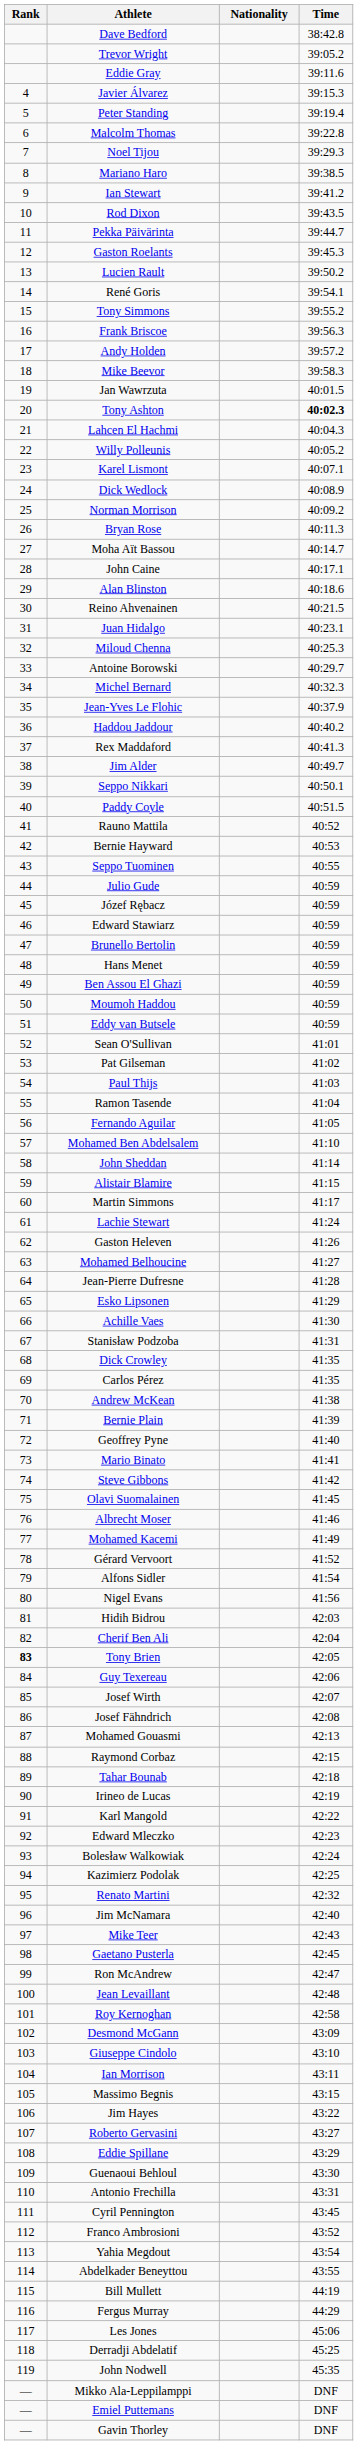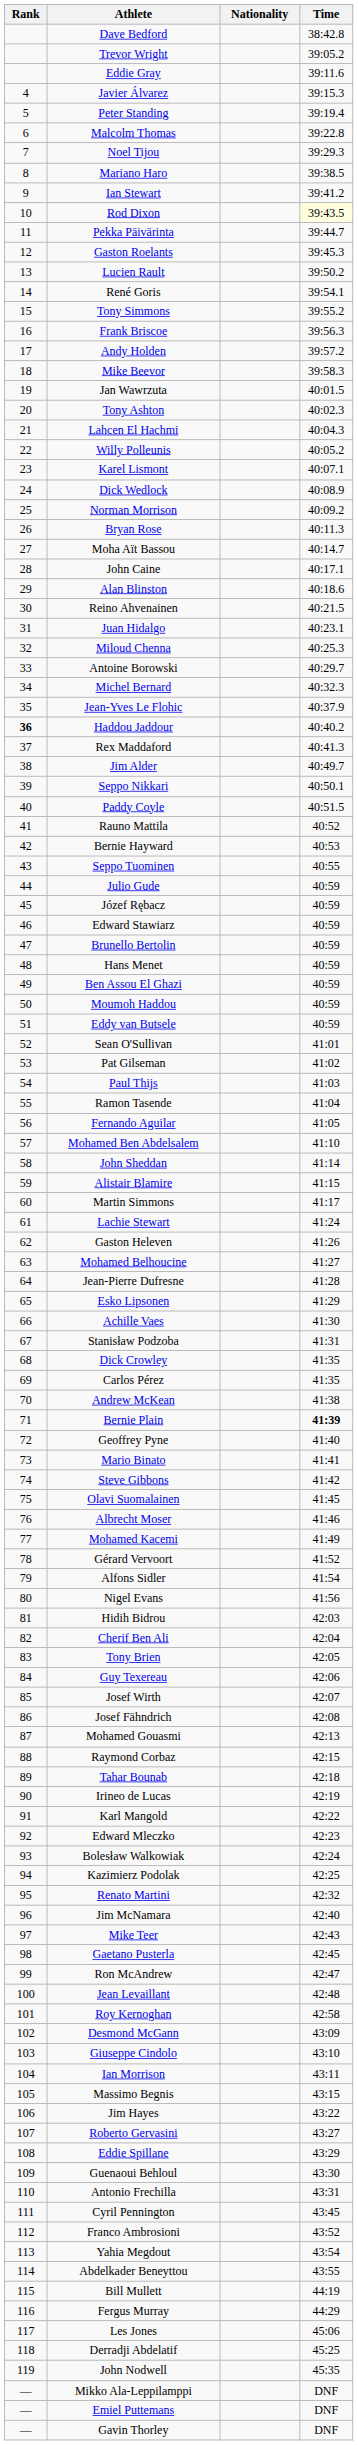 <table class="wikitable sortable" style=" text-align:center; font-size:95%;" width="50%">
 <tr>
 <th>Rank</th>
 <th>Athlete</th>
 <th>Nationality</th>
 <th>Time</th>
 </tr>
 <tr>
 <td align=center></td>
 <td><a href='#'>Dave Bedford</a></td>
 <td></td>
 <td>38:42.8</td>
 </tr>
 <tr>
 <td align=center></td>
 <td><a href='#'>Trevor Wright</a></td>
 <td></td>
 <td>39:05.2</td>
 </tr>
 <tr>
 <td align=center></td>
 <td><a href='#'>Eddie Gray</a></td>
 <td></td>
 <td>39:11.6</td>
 </tr>
 <tr>
 <td align=center>4</td>
 <td><a href='#'>Javier Álvarez</a></td>
 <td></td>
 <td>39:15.3</td>
 </tr>
 <tr>
 <td align=center>5</td>
 <td><a href='#'>Peter Standing</a></td>
 <td></td>
 <td>39:19.4</td>
 </tr>
 <tr>
 <td align=center>6</td>
 <td><a href='#'>Malcolm Thomas</a></td>
 <td></td>
 <td>39:22.8</td>
 </tr>
 <tr>
 <td align=center>7</td>
 <td><a href='#'>Noel Tijou</a></td>
 <td></td>
 <td>39:29.3</td>
 </tr>
 <tr>
 <td align=center>8</td>
 <td><a href='#'>Mariano Haro</a></td>
 <td></td>
 <td>39:38.5</td>
 </tr>
 <tr>
 <td align=center>9</td>
 <td><a href='#'>Ian Stewart</a></td>
 <td></td>
 <td>39:41.2</td>
 </tr>
 <tr>
 <td align=center>10</td>
 <td><a href='#'>Rod Dixon</a></td>
 <td></td>
-<td>39:43.5</td>
+<td style="background: lightyellow;">39:43.5</td>
 </tr>
 <tr>
 <td align=center>11</td>
 <td><a href='#'>Pekka Päivärinta</a></td>
 <td></td>
 <td>39:44.7</td>
 </tr>
 <tr>
 <td align=center>12</td>
 <td><a href='#'>Gaston Roelants</a></td>
 <td></td>
 <td>39:45.3</td>
 </tr>
 <tr>
 <td align=center>13</td>
 <td><a href='#'>Lucien Rault</a></td>
 <td></td>
 <td>39:50.2</td>
 </tr>
 <tr>
 <td align=center>14</td>
 <td>René Goris</td>
 <td></td>
 <td>39:54.1</td>
 </tr>
 <tr>
 <td align=center>15</td>
 <td><a href='#'>Tony Simmons</a></td>
 <td></td>
 <td>39:55.2</td>
 </tr>
 <tr>
 <td align=center>16</td>
 <td><a href='#'>Frank Briscoe</a></td>
 <td></td>
 <td>39:56.3</td>
 </tr>
 <tr>
 <td align=center>17</td>
 <td><a href='#'>Andy Holden</a></td>
 <td></td>
 <td>39:57.2</td>
 </tr>
 <tr>
 <td align=center>18</td>
 <td><a href='#'>Mike Beevor</a></td>
 <td></td>
 <td>39:58.3</td>
 </tr>
 <tr>
 <td align=center>19</td>
 <td>Jan Wawrzuta</td>
 <td></td>
 <td>40:01.5</td>
 </tr>
 <tr>
 <td align=center>20</td>
 <td><a href='#'>Tony Ashton</a></td>
 <td></td>
-<td><strong>40:02.3</strong></td>
+<td>40:02.3</td>
 </tr>
 <tr>
 <td align=center>21</td>
 <td><a href='#'>Lahcen El Hachmi</a></td>
 <td></td>
 <td>40:04.3</td>
 </tr>
 <tr>
 <td align=center>22</td>
 <td><a href='#'>Willy Polleunis</a></td>
 <td></td>
 <td>40:05.2</td>
 </tr>
 <tr>
 <td align=center>23</td>
 <td><a href='#'>Karel Lismont</a></td>
 <td></td>
 <td>40:07.1</td>
 </tr>
 <tr>
 <td align=center>24</td>
 <td><a href='#'>Dick Wedlock</a></td>
 <td></td>
 <td>40:08.9</td>
 </tr>
 <tr>
 <td align=center>25</td>
 <td><a href='#'>Norman Morrison</a></td>
 <td></td>
 <td>40:09.2</td>
 </tr>
 <tr>
 <td align=center>26</td>
 <td><a href='#'>Bryan Rose</a></td>
 <td></td>
 <td>40:11.3</td>
 </tr>
 <tr>
 <td align=center>27</td>
 <td>Moha Aït Bassou</td>
 <td></td>
 <td>40:14.7</td>
 </tr>
 <tr>
 <td align=center>28</td>
 <td>John Caine</td>
 <td></td>
 <td>40:17.1</td>
 </tr>
 <tr>
 <td align=center>29</td>
 <td><a href='#'>Alan Blinston</a></td>
 <td></td>
 <td>40:18.6</td>
 </tr>
 <tr>
 <td align=center>30</td>
 <td>Reino Ahvenainen</td>
 <td></td>
 <td>40:21.5</td>
 </tr>
 <tr>
 <td align=center>31</td>
 <td><a href='#'>Juan Hidalgo</a></td>
 <td></td>
 <td>40:23.1</td>
 </tr>
 <tr>
 <td align=center>32</td>
 <td><a href='#'>Miloud Chenna</a></td>
 <td></td>
 <td>40:25.3</td>
 </tr>
 <tr>
 <td align=center>33</td>
 <td>Antoine Borowski</td>
 <td></td>
 <td>40:29.7</td>
 </tr>
 <tr>
 <td align=center>34</td>
 <td><a href='#'>Michel Bernard</a></td>
 <td></td>
 <td>40:32.3</td>
 </tr>
 <tr>
 <td align=center>35</td>
 <td><a href='#'>Jean-Yves Le Flohic</a></td>
 <td></td>
 <td>40:37.9</td>
 </tr>
 <tr>
-<td align=center>36</td>
+<td align=center><strong>36</strong></td>
 <td><a href='#'>Haddou Jaddour</a></td>
 <td></td>
 <td>40:40.2</td>
 </tr>
 <tr>
 <td align=center>37</td>
 <td>Rex Maddaford</td>
 <td></td>
 <td>40:41.3</td>
 </tr>
 <tr>
 <td align=center>38</td>
 <td><a href='#'>Jim Alder</a></td>
 <td></td>
 <td>40:49.7</td>
 </tr>
 <tr>
 <td align=center>39</td>
 <td><a href='#'>Seppo Nikkari</a></td>
 <td></td>
 <td>40:50.1</td>
 </tr>
 <tr>
 <td align=center>40</td>
 <td><a href='#'>Paddy Coyle</a></td>
 <td></td>
 <td>40:51.5</td>
 </tr>
 <tr>
 <td align=center>41</td>
 <td>Rauno Mattila</td>
 <td></td>
 <td>40:52</td>
 </tr>
 <tr>
 <td align=center>42</td>
 <td>Bernie Hayward</td>
 <td></td>
 <td>40:53</td>
 </tr>
 <tr>
 <td align=center>43</td>
 <td><a href='#'>Seppo Tuominen</a></td>
 <td></td>
 <td>40:55</td>
 </tr>
 <tr>
 <td align=center>44</td>
 <td><a href='#'>Julio Gude</a></td>
 <td></td>
 <td>40:59</td>
 </tr>
 <tr>
 <td align=center>45</td>
 <td>Józef Rębacz</td>
 <td></td>
 <td>40:59</td>
 </tr>
 <tr>
 <td align=center>46</td>
 <td>Edward Stawiarz</td>
 <td></td>
 <td>40:59</td>
 </tr>
 <tr>
 <td align=center>47</td>
 <td><a href='#'>Brunello Bertolin</a></td>
 <td></td>
 <td>40:59</td>
 </tr>
 <tr>
 <td align=center>48</td>
 <td>Hans Menet</td>
 <td></td>
 <td>40:59</td>
 </tr>
 <tr>
 <td align=center>49</td>
 <td><a href='#'>Ben Assou El Ghazi</a></td>
 <td></td>
 <td>40:59</td>
 </tr>
 <tr>
 <td align=center>50</td>
 <td><a href='#'>Moumoh Haddou</a></td>
 <td></td>
 <td>40:59</td>
 </tr>
 <tr>
 <td align=center>51</td>
 <td><a href='#'>Eddy van Butsele</a></td>
 <td></td>
 <td>40:59</td>
 </tr>
 <tr>
 <td align=center>52</td>
 <td>Sean O'Sullivan</td>
 <td></td>
 <td>41:01</td>
 </tr>
 <tr>
 <td align=center>53</td>
 <td>Pat Gilseman</td>
 <td></td>
 <td>41:02</td>
 </tr>
 <tr>
 <td align=center>54</td>
 <td><a href='#'>Paul Thijs</a></td>
 <td></td>
 <td>41:03</td>
 </tr>
 <tr>
 <td align=center>55</td>
 <td>Ramon Tasende</td>
 <td></td>
 <td>41:04</td>
 </tr>
 <tr>
 <td align=center>56</td>
 <td><a href='#'>Fernando Aguilar</a></td>
 <td></td>
 <td>41:05</td>
 </tr>
 <tr>
 <td align=center>57</td>
 <td><a href='#'>Mohamed Ben Abdelsalem</a></td>
 <td></td>
 <td>41:10</td>
 </tr>
 <tr>
 <td align=center>58</td>
 <td><a href='#'>John Sheddan</a></td>
 <td></td>
 <td>41:14</td>
 </tr>
 <tr>
 <td align=center>59</td>
 <td><a href='#'>Alistair Blamire</a></td>
 <td></td>
 <td>41:15</td>
 </tr>
 <tr>
 <td align=center>60</td>
 <td>Martin Simmons</td>
 <td></td>
 <td>41:17</td>
 </tr>
 <tr>
 <td align=center>61</td>
 <td><a href='#'>Lachie Stewart</a></td>
 <td></td>
 <td>41:24</td>
 </tr>
 <tr>
 <td align=center>62</td>
 <td>Gaston Heleven</td>
 <td></td>
 <td>41:26</td>
 </tr>
 <tr>
 <td align=center>63</td>
 <td><a href='#'>Mohamed Belhoucine</a></td>
 <td></td>
 <td>41:27</td>
 </tr>
 <tr>
 <td align=center>64</td>
 <td>Jean-Pierre Dufresne</td>
 <td></td>
 <td>41:28</td>
 </tr>
 <tr>
 <td align=center>65</td>
 <td><a href='#'>Esko Lipsonen</a></td>
 <td></td>
 <td>41:29</td>
 </tr>
 <tr>
 <td align=center>66</td>
 <td><a href='#'>Achille Vaes</a></td>
 <td></td>
 <td>41:30</td>
 </tr>
 <tr>
 <td align=center>67</td>
 <td>Stanisław Podzoba</td>
 <td></td>
 <td>41:31</td>
 </tr>
 <tr>
 <td align=center>68</td>
 <td><a href='#'>Dick Crowley</a></td>
 <td></td>
 <td>41:35</td>
 </tr>
 <tr>
 <td align=center>69</td>
 <td>Carlos Pérez</td>
 <td></td>
 <td>41:35</td>
 </tr>
 <tr>
 <td align=center>70</td>
 <td><a href='#'>Andrew McKean</a></td>
 <td></td>
 <td>41:38</td>
 </tr>
 <tr>
 <td align=center>71</td>
 <td><a href='#'>Bernie Plain</a></td>
 <td></td>
-<td>41:39</td>
+<td><strong>41:39</strong></td>
 </tr>
 <tr>
 <td align=center>72</td>
 <td>Geoffrey Pyne</td>
 <td></td>
 <td>41:40</td>
 </tr>
 <tr>
 <td align=center>73</td>
 <td><a href='#'>Mario Binato</a></td>
 <td></td>
 <td>41:41</td>
 </tr>
 <tr>
 <td align=center>74</td>
 <td><a href='#'>Steve Gibbons</a></td>
 <td></td>
 <td>41:42</td>
 </tr>
 <tr>
 <td align=center>75</td>
 <td><a href='#'>Olavi Suomalainen</a></td>
 <td></td>
 <td>41:45</td>
 </tr>
 <tr>
 <td align=center>76</td>
 <td><a href='#'>Albrecht Moser</a></td>
 <td></td>
 <td>41:46</td>
 </tr>
 <tr>
 <td align=center>77</td>
 <td><a href='#'>Mohamed Kacemi</a></td>
 <td></td>
 <td>41:49</td>
 </tr>
 <tr>
 <td align=center>78</td>
 <td>Gérard Vervoort</td>
 <td></td>
 <td>41:52</td>
 </tr>
 <tr>
 <td align=center>79</td>
 <td>Alfons Sidler</td>
 <td></td>
 <td>41:54</td>
 </tr>
 <tr>
 <td align=center>80</td>
 <td>Nigel Evans</td>
 <td></td>
 <td>41:56</td>
 </tr>
 <tr>
 <td align=center>81</td>
 <td>Hidih Bidrou</td>
 <td></td>
 <td>42:03</td>
 </tr>
 <tr>
 <td align=center>82</td>
 <td><a href='#'>Cherif Ben Ali</a></td>
 <td></td>
 <td>42:04</td>
 </tr>
 <tr>
-<td align=center><strong>83</strong></td>
+<td align=center>83</td>
 <td><a href='#'>Tony Brien</a></td>
 <td></td>
 <td>42:05</td>
 </tr>
 <tr>
 <td align=center>84</td>
 <td><a href='#'>Guy Texereau</a></td>
 <td></td>
 <td>42:06</td>
 </tr>
 <tr>
 <td align=center>85</td>
 <td>Josef Wirth</td>
 <td></td>
 <td>42:07</td>
 </tr>
 <tr>
 <td align=center>86</td>
 <td>Josef Fähndrich</td>
 <td></td>
 <td>42:08</td>
 </tr>
 <tr>
 <td align=center>87</td>
 <td>Mohamed Gouasmi</td>
 <td></td>
 <td>42:13</td>
 </tr>
 <tr>
 <td align=center>88</td>
 <td>Raymond Corbaz</td>
 <td></td>
 <td>42:15</td>
 </tr>
 <tr>
 <td align=center>89</td>
 <td><a href='#'>Tahar Bounab</a></td>
 <td></td>
 <td>42:18</td>
 </tr>
 <tr>
 <td align=center>90</td>
 <td>Irineo de Lucas</td>
 <td></td>
 <td>42:19</td>
 </tr>
 <tr>
 <td align=center>91</td>
 <td>Karl Mangold</td>
 <td></td>
 <td>42:22</td>
 </tr>
 <tr>
 <td align=center>92</td>
 <td>Edward Mleczko</td>
 <td></td>
 <td>42:23</td>
 </tr>
 <tr>
 <td align=center>93</td>
 <td>Bolesław Walkowiak</td>
 <td></td>
 <td>42:24</td>
 </tr>
 <tr>
 <td align=center>94</td>
 <td>Kazimierz Podolak</td>
 <td></td>
 <td>42:25</td>
 </tr>
 <tr>
 <td align=center>95</td>
 <td><a href='#'>Renato Martini</a></td>
 <td></td>
 <td>42:32</td>
 </tr>
 <tr>
 <td align=center>96</td>
 <td>Jim McNamara</td>
 <td></td>
 <td>42:40</td>
 </tr>
 <tr>
 <td align=center>97</td>
 <td><a href='#'>Mike Teer</a></td>
 <td></td>
 <td>42:43</td>
 </tr>
 <tr>
 <td align=center>98</td>
 <td><a href='#'>Gaetano Pusterla</a></td>
 <td></td>
 <td>42:45</td>
 </tr>
 <tr>
 <td align=center>99</td>
 <td>Ron McAndrew</td>
 <td></td>
 <td>42:47</td>
 </tr>
 <tr>
 <td align=center>100</td>
 <td><a href='#'>Jean Levaillant</a></td>
 <td></td>
 <td>42:48</td>
 </tr>
 <tr>
 <td align=center>101</td>
 <td><a href='#'>Roy Kernoghan</a></td>
 <td></td>
 <td>42:58</td>
 </tr>
 <tr>
 <td align=center>102</td>
 <td><a href='#'>Desmond McGann</a></td>
 <td></td>
 <td>43:09</td>
 </tr>
 <tr>
 <td align=center>103</td>
 <td><a href='#'>Giuseppe Cindolo</a></td>
 <td></td>
 <td>43:10</td>
 </tr>
 <tr>
 <td align=center>104</td>
 <td><a href='#'>Ian Morrison</a></td>
 <td></td>
 <td>43:11</td>
 </tr>
 <tr>
 <td align=center>105</td>
 <td>Massimo Begnis</td>
 <td></td>
 <td>43:15</td>
 </tr>
 <tr>
 <td align=center>106</td>
 <td>Jim Hayes</td>
 <td></td>
 <td>43:22</td>
 </tr>
 <tr>
 <td align=center>107</td>
 <td><a href='#'>Roberto Gervasini</a></td>
 <td></td>
 <td>43:27</td>
 </tr>
 <tr>
 <td align=center>108</td>
 <td><a href='#'>Eddie Spillane</a></td>
 <td></td>
 <td>43:29</td>
 </tr>
 <tr>
 <td align=center>109</td>
 <td>Guenaoui Behloul</td>
 <td></td>
 <td>43:30</td>
 </tr>
 <tr>
 <td align=center>110</td>
 <td>Antonio Frechilla</td>
 <td></td>
 <td>43:31</td>
 </tr>
 <tr>
 <td align=center>111</td>
 <td>Cyril Pennington</td>
 <td></td>
 <td>43:45</td>
 </tr>
 <tr>
 <td align=center>112</td>
 <td>Franco Ambrosioni</td>
 <td></td>
 <td>43:52</td>
 </tr>
 <tr>
 <td align=center>113</td>
 <td>Yahia Megdout</td>
 <td></td>
 <td>43:54</td>
 </tr>
 <tr>
 <td align=center>114</td>
 <td>Abdelkader Beneyttou</td>
 <td></td>
 <td>43:55</td>
 </tr>
 <tr>
 <td align=center>115</td>
 <td>Bill Mullett</td>
 <td></td>
 <td>44:19</td>
 </tr>
 <tr>
 <td align=center>116</td>
 <td>Fergus Murray</td>
 <td></td>
 <td>44:29</td>
 </tr>
 <tr>
 <td align=center>117</td>
 <td>Les Jones</td>
 <td></td>
 <td>45:06</td>
 </tr>
 <tr>
 <td align=center>118</td>
 <td>Derradji Abdelatif</td>
 <td></td>
 <td>45:25</td>
 </tr>
 <tr>
 <td align=center>119</td>
 <td>John Nodwell</td>
 <td></td>
 <td>45:35</td>
 </tr>
 <tr>
 <td align=center>—</td>
 <td>Mikko Ala-Leppilamppi</td>
 <td></td>
 <td>DNF</td>
 </tr>
 <tr>
 <td align=center>—</td>
 <td><a href='#'>Emiel Puttemans</a></td>
 <td></td>
 <td>DNF</td>
 </tr>
 <tr>
 <td align=center>—</td>
 <td>Gavin Thorley</td>
 <td></td>
 <td>DNF</td>
 </tr>
 </table>
